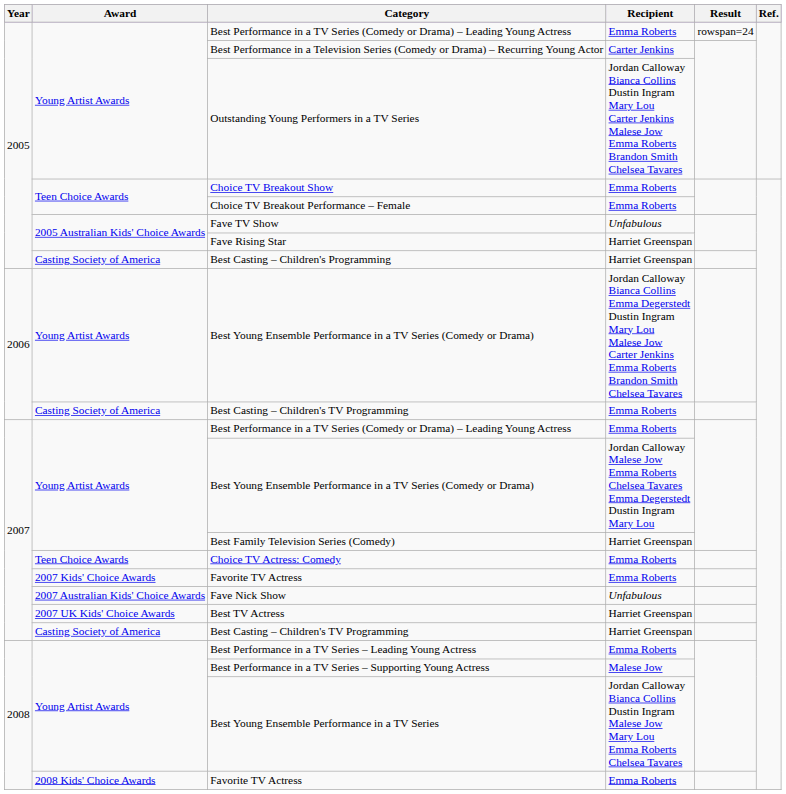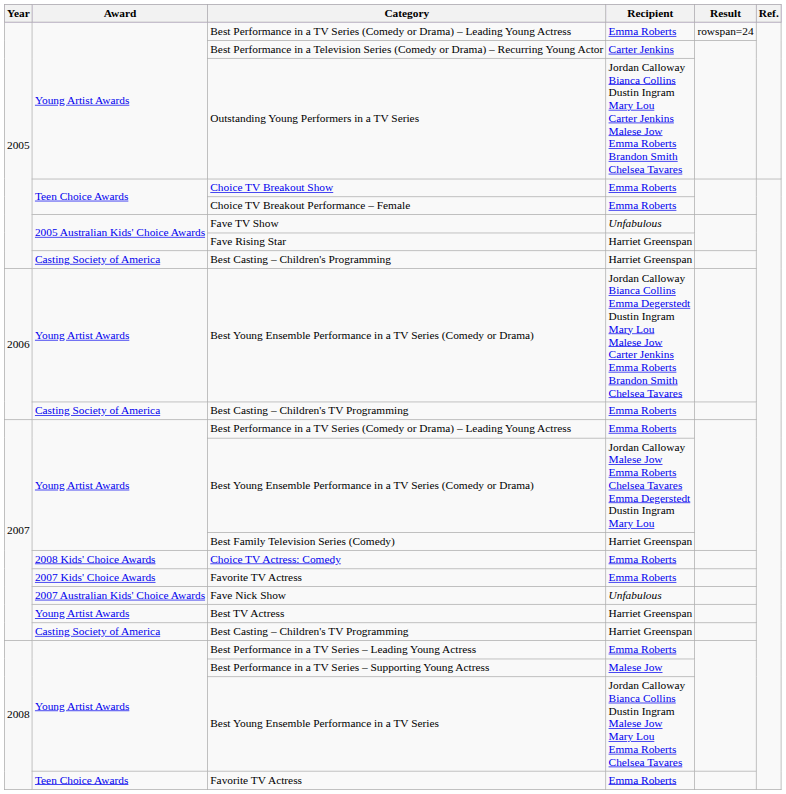 <table class="wikitable">
 <tr style="background:#96c; text-align:center;">
 <th>Year</th>
 <th>Award</th>
 <th>Category</th>
 <th>Recipient</th>
 <th>Result</th>
 <th>Ref.</th>
 </tr>
 <tr>
 <td rowspan=8>2005</td>
 <td rowspan=3><a href='#'>Young Artist Awards</a></td>
 <td>Best Performance in a TV Series (Comedy or Drama) – Leading Young Actress</td>
 <td><a href='#'>Emma Roberts</a></td>
 <td>rowspan=24 </td>
 <td rowspan=3></td>
 </tr>
 <tr>
 <td>Best Performance in a Television Series (Comedy or Drama) – Recurring Young Actor</td>
 <td><a href='#'>Carter Jenkins</a></td>
 </tr>
 <tr>
 <td>Outstanding Young Performers in a TV Series</td>
 <td>Jordan Calloway<br><a href='#'>Bianca Collins</a><br>Dustin Ingram<br><a href='#'>Mary Lou</a><br><a href='#'>Carter Jenkins</a><br><a href='#'>Malese Jow</a><br><a href='#'>Emma Roberts</a><br><a href='#'>Brandon Smith</a><br><a href='#'>Chelsea Tavares</a></td>
 </tr>
 <tr>
 <td rowspan=2><a href='#'>Teen Choice Awards</a></td>
 <td><a href='#'>Choice TV Breakout Show</a></td>
 <td><a href='#'>Emma Roberts</a></td>
 <td rowspan=2></td>
 </tr>
 <tr>
 <td>Choice TV Breakout Performance – Female</td>
 <td><a href='#'>Emma Roberts</a></td>
 </tr>
 <tr>
 <td rowspan=2><a href='#'>2005 Australian Kids' Choice Awards</a></td>
 <td>Fave TV Show</td>
 <td><em>Unfabulous</em></td>
 <td rowspan=2></td>
 </tr>
 <tr>
 <td>Fave Rising Star</td>
 <td>Harriet Greenspan</td>
 </tr>
 <tr>
 <td><a href='#'>Casting Society of America</a></td>
 <td>Best Casting – Children's Programming</td>
 <td>Harriet Greenspan</td>
 <td></td>
 </tr>
 <tr>
 <td rowspan=2>2006</td>
 <td><a href='#'>Young Artist Awards</a></td>
 <td>Best Young Ensemble Performance in a TV Series (Comedy or Drama)</td>
 <td>Jordan Calloway<br><a href='#'>Bianca Collins</a><br><a href='#'>Emma Degerstedt</a><br>Dustin Ingram<br><a href='#'>Mary Lou</a><br><a href='#'>Malese Jow</a><br><a href='#'>Carter Jenkins</a><br><a href='#'>Emma Roberts</a><br><a href='#'>Brandon Smith</a><br><a href='#'>Chelsea Tavares</a></td>
 <td></td>
 </tr>
 <tr>
 <td><a href='#'>Casting Society of America</a></td>
 <td>Best Casting – Children's TV Programming</td>
 <td><a href='#'>Emma Roberts</a></td>
 <td></td>
 </tr>
 <tr>
 <td rowspan=8>2007</td>
 <td rowspan=3><a href='#'>Young Artist Awards</a></td>
 <td>Best Performance in a TV Series (Comedy or Drama) – Leading Young Actress</td>
 <td><a href='#'>Emma Roberts</a></td>
 <td rowspan=3></td>
 </tr>
 <tr>
 <td>Best Young Ensemble Performance in a TV Series (Comedy or Drama)</td>
 <td>Jordan Calloway<br><a href='#'>Malese Jow</a><br><a href='#'>Emma Roberts</a><br><a href='#'>Chelsea Tavares</a><br><a href='#'>Emma Degerstedt</a><br>Dustin Ingram<br><a href='#'>Mary Lou</a></td>
 </tr>
 <tr>
 <td>Best Family Television Series (Comedy)</td>
 <td>Harriet Greenspan</td>
 </tr>
 <tr>
-<td><a href='#'>Teen Choice Awards</a></td>
+<td><a href='#'>2008 Kids' Choice Awards</a></td>
 <td><a href='#'>Choice TV Actress: Comedy</a></td>
 <td><a href='#'>Emma Roberts</a></td>
 <td></td>
 </tr>
 <tr>
 <td><a href='#'>2007 Kids' Choice Awards</a></td>
 <td>Favorite TV Actress</td>
 <td><a href='#'>Emma Roberts</a></td>
 <td></td>
 </tr>
 <tr>
 <td><a href='#'>2007 Australian Kids' Choice Awards</a></td>
 <td>Fave Nick Show</td>
 <td><em>Unfabulous</em></td>
 <td></td>
 </tr>
 <tr>
-<td><a href='#'>2007 UK Kids' Choice Awards</a></td>
+<td><a href='#'>Young Artist Awards</a></td>
 <td>Best TV Actress</td>
 <td>Harriet Greenspan</td>
 <td></td>
 </tr>
 <tr>
 <td><a href='#'>Casting Society of America</a></td>
 <td>Best Casting – Children's TV Programming</td>
 <td>Harriet Greenspan</td>
 <td></td>
 </tr>
 <tr>
 <td rowspan=4>2008</td>
 <td rowspan=3><a href='#'>Young Artist Awards</a></td>
 <td>Best Performance in a TV Series – Leading Young Actress</td>
 <td><a href='#'>Emma Roberts</a></td>
 <td rowspan=3></td>
 </tr>
 <tr>
 <td>Best Performance in a TV Series – Supporting Young Actress</td>
 <td><a href='#'>Malese Jow</a></td>
 </tr>
 <tr>
 <td>Best Young Ensemble Performance in a TV Series</td>
 <td>Jordan Calloway<br><a href='#'>Bianca Collins</a><br>Dustin Ingram<br><a href='#'>Malese Jow</a><br><a href='#'>Mary Lou</a><br><a href='#'>Emma Roberts</a><br><a href='#'>Chelsea Tavares</a></td>
 </tr>
 <tr>
-<td><a href='#'>2008 Kids' Choice Awards</a></td>
+<td><a href='#'>Teen Choice Awards</a></td>
 <td>Favorite TV Actress</td>
 <td><a href='#'>Emma Roberts</a></td>
 <td></td>
 </tr>
 </table>
